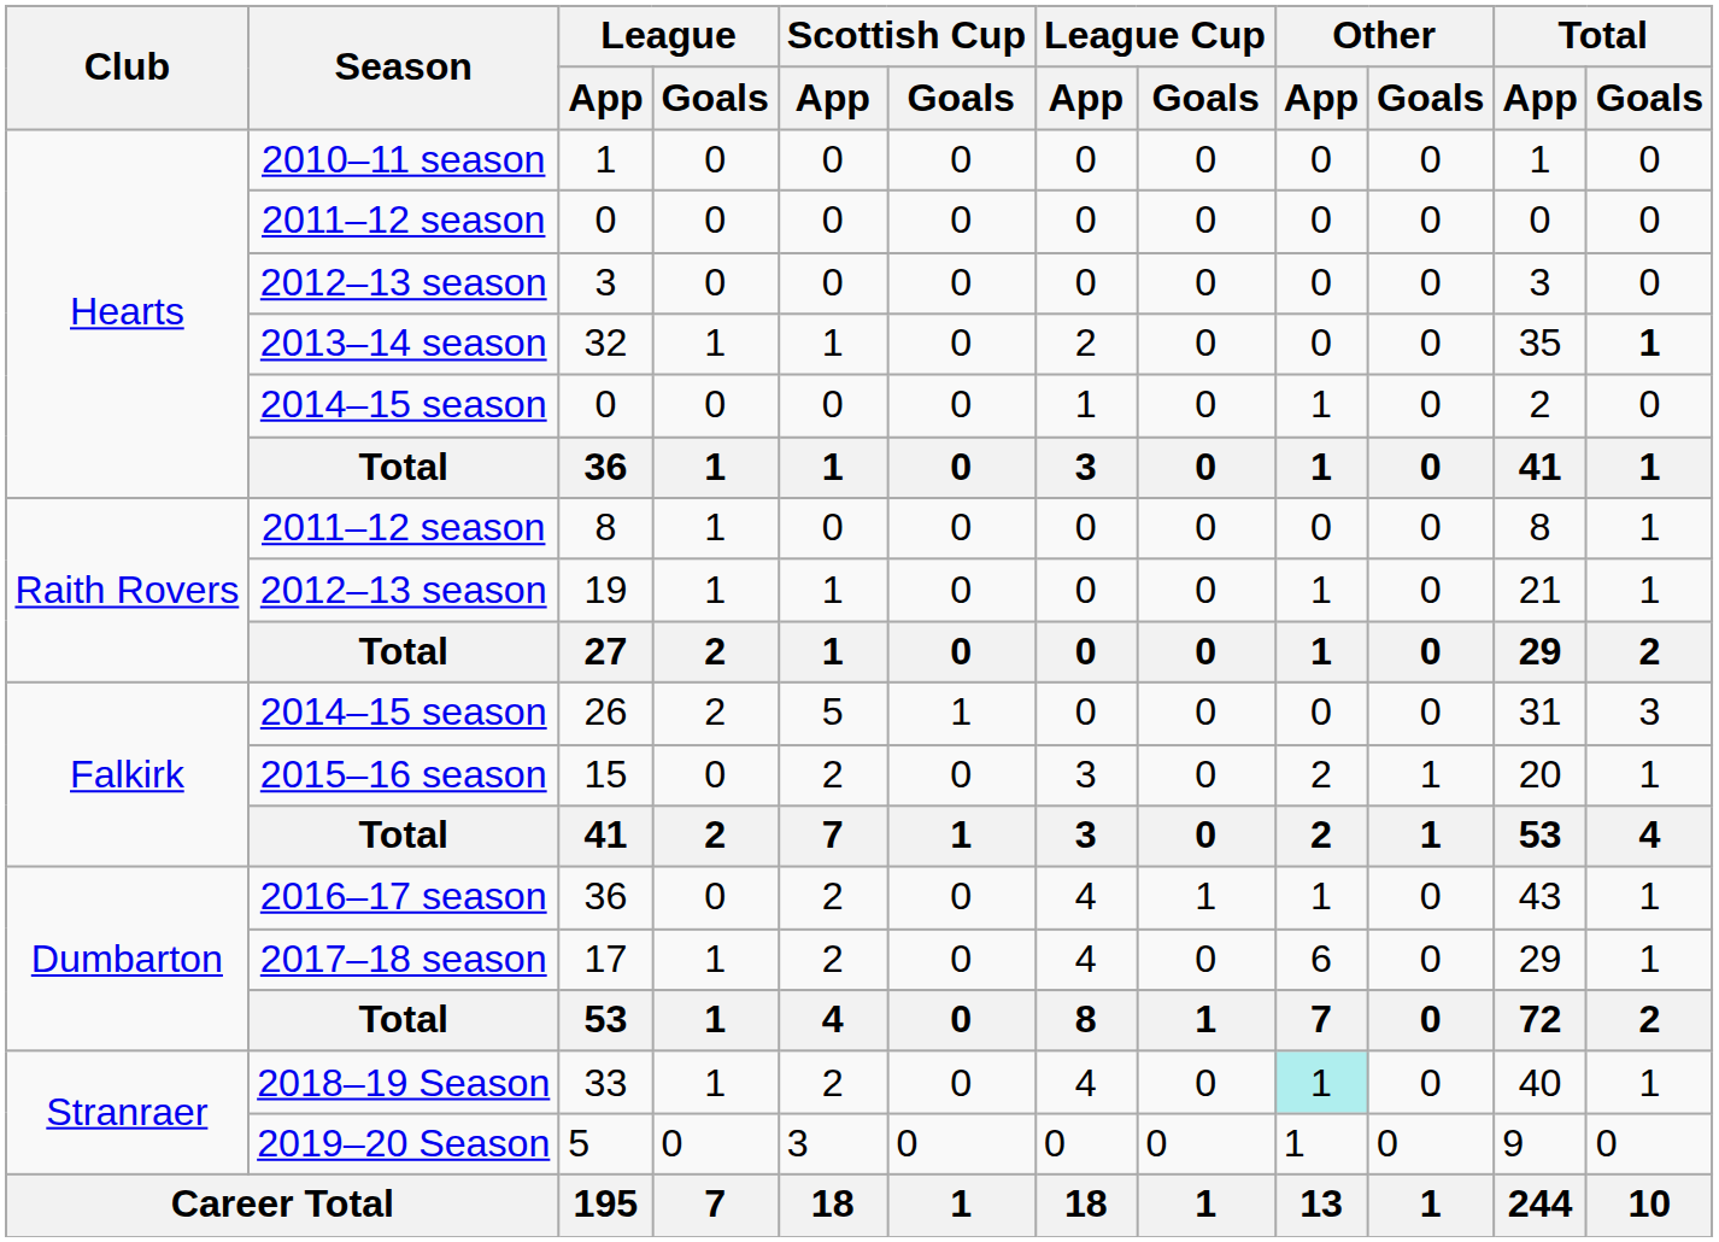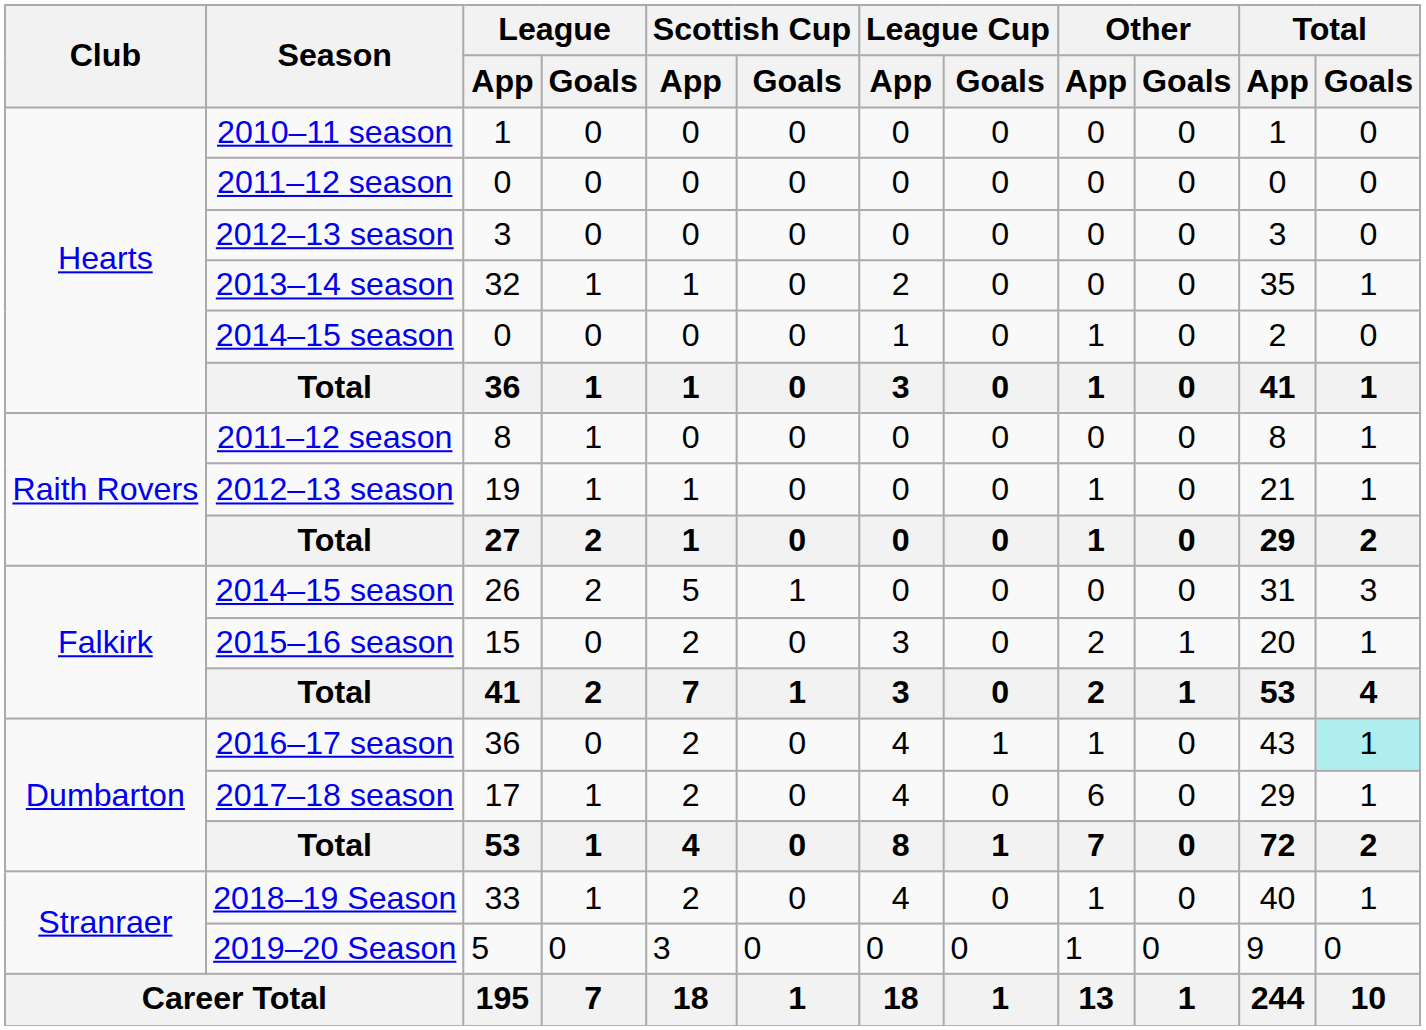 <table class="wikitable">
 <tr>
 <th rowspan=2>Club</th>
 <th rowspan=2>Season</th>
 <th colspan=2>League</th>
 <th colspan=2>Scottish Cup</th>
 <th colspan=2>League Cup</th>
 <th colspan=2>Other</th>
 <th colspan=2>Total</th>
 </tr>
 <tr>
 <th>App</th>
 <th>Goals</th>
 <th>App</th>
 <th>Goals</th>
 <th>App</th>
 <th>Goals</th>
 <th>App</th>
 <th>Goals</th>
 <th>App</th>
 <th>Goals</th>
 </tr>
 <tr align=center>
 <td rowspan=6><a href='#'>Hearts</a></td>
 <td><a href='#'>2010–11 season</a></td>
 <td>1</td>
 <td>0</td>
 <td>0</td>
 <td>0</td>
 <td>0</td>
 <td>0</td>
 <td>0</td>
 <td>0</td>
 <td>1</td>
 <td>0</td>
 </tr>
 <tr align=center>
 <td><a href='#'>2011–12 season</a></td>
 <td>0</td>
 <td>0</td>
 <td>0</td>
 <td>0</td>
 <td>0</td>
 <td>0</td>
 <td>0</td>
 <td>0</td>
 <td>0</td>
 <td>0</td>
 </tr>
 <tr align=center>
 <td><a href='#'>2012–13 season</a></td>
 <td>3</td>
 <td>0</td>
 <td>0</td>
 <td>0</td>
 <td>0</td>
 <td>0</td>
 <td>0</td>
 <td>0</td>
 <td>3</td>
 <td>0</td>
 </tr>
 <tr align=center>
 <td><a href='#'>2013–14 season</a></td>
 <td>32</td>
 <td>1</td>
 <td>1</td>
 <td>0</td>
 <td>2</td>
 <td>0</td>
 <td>0</td>
 <td>0</td>
 <td>35</td>
-<td><strong>1</strong></td>
+<td>1</td>
 </tr>
 <tr align=center>
 <td><a href='#'>2014–15 season</a></td>
 <td>0</td>
 <td>0</td>
 <td>0</td>
 <td>0</td>
 <td>1</td>
 <td>0</td>
 <td>1</td>
 <td>0</td>
 <td>2</td>
 <td>0</td>
 </tr>
 <tr align=center>
 <th>Total</th>
 <th>36</th>
 <th>1</th>
 <th>1</th>
 <th>0</th>
 <th>3</th>
 <th>0</th>
 <th>1</th>
 <th>0</th>
 <th>41</th>
 <th>1</th>
 </tr>
 <tr align=center>
 <td rowspan=3><a href='#'>Raith Rovers</a></td>
 <td><a href='#'>2011–12 season</a></td>
 <td>8</td>
 <td>1</td>
 <td>0</td>
 <td>0</td>
 <td>0</td>
 <td>0</td>
 <td>0</td>
 <td>0</td>
 <td>8</td>
 <td>1</td>
 </tr>
 <tr align=center>
 <td><a href='#'>2012–13 season</a></td>
 <td>19</td>
 <td>1</td>
 <td>1</td>
 <td>0</td>
 <td>0</td>
 <td>0</td>
 <td>1</td>
 <td>0</td>
 <td>21</td>
 <td>1</td>
 </tr>
 <tr align=center>
 <th>Total</th>
 <th>27</th>
 <th>2</th>
 <th>1</th>
 <th>0</th>
 <th>0</th>
 <th>0</th>
 <th>1</th>
 <th>0</th>
 <th>29</th>
 <th>2</th>
 </tr>
 <tr align=center>
 <td rowspan=3><a href='#'>Falkirk</a></td>
 <td><a href='#'>2014–15 season</a></td>
 <td>26</td>
 <td>2</td>
 <td>5</td>
 <td>1</td>
 <td>0</td>
 <td>0</td>
 <td>0</td>
 <td>0</td>
 <td>31</td>
 <td>3</td>
 </tr>
 <tr align=center>
 <td><a href='#'>2015–16 season</a></td>
 <td>15</td>
 <td>0</td>
 <td>2</td>
 <td>0</td>
 <td>3</td>
 <td>0</td>
 <td>2</td>
 <td>1</td>
 <td>20</td>
 <td>1</td>
 </tr>
 <tr align=center>
 <th>Total</th>
 <th>41</th>
 <th>2</th>
 <th>7</th>
 <th>1</th>
 <th>3</th>
 <th>0</th>
 <th>2</th>
 <th>1</th>
 <th>53</th>
 <th>4</th>
 </tr>
 <tr align=center>
 <td rowspan="3"><a href='#'>Dumbarton</a></td>
 <td><a href='#'>2016–17 season</a></td>
 <td>36</td>
 <td>0</td>
 <td>2</td>
 <td>0</td>
 <td>4</td>
 <td>1</td>
 <td>1</td>
 <td>0</td>
 <td>43</td>
-<td>1</td>
+<td style="background: paleturquoise;">1</td>
 </tr>
 <tr align=center>
 <td><a href='#'>2017–18 season</a></td>
 <td>17</td>
 <td>1</td>
 <td>2</td>
 <td>0</td>
 <td>4</td>
 <td>0</td>
 <td>6</td>
 <td>0</td>
 <td>29</td>
 <td>1</td>
 </tr>
 <tr>
 <th>Total</th>
 <th>53</th>
 <th>1</th>
 <th>4</th>
 <th>0</th>
 <th>8</th>
 <th>1</th>
 <th>7</th>
 <th>0</th>
 <th>72</th>
 <th>2</th>
 </tr>
 <tr align="center">
 <td rowspan="2"><a href='#'>Stranraer</a></td>
 <td><a href='#'>2018–19 Season</a></td>
 <td>33</td>
 <td>1</td>
 <td>2</td>
 <td>0</td>
 <td>4</td>
 <td>0</td>
-<td style="background: paleturquoise;">1</td>
+<td>1</td>
 <td>0</td>
 <td>40</td>
 <td>1</td>
 </tr>
 <tr>
 <td><a href='#'>2019–20 Season</a></td>
 <td>5</td>
 <td>0</td>
 <td>3</td>
 <td>0</td>
 <td>0</td>
 <td>0</td>
 <td>1</td>
 <td>0</td>
 <td>9</td>
 <td>0</td>
 </tr>
 <tr align="center">
 <th colspan="2">Career Total</th>
 <th>195</th>
 <th>7</th>
 <th>18</th>
 <th>1</th>
 <th>18</th>
 <th>1</th>
 <th>13</th>
 <th>1</th>
 <th>244</th>
 <th>10</th>
 </tr>
 </table>
